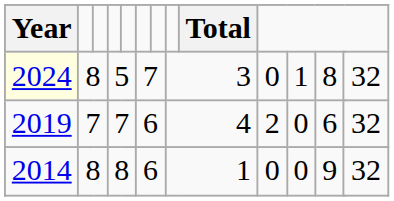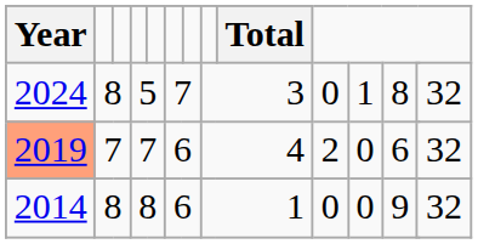 <table class="wikitable" style="text-align:right; padding-left:1em">
 <tr>
 <th align="left">Year</th>
 <td></td>
 <td></td>
 <td></td>
 <td></td>
 <td></td>
 <td></td>
 <td></td>
 <th align="left">Total</th>
 </tr>
 <tr>
-<td style="background: lightyellow;"><a href='#'>2024</a></td>
+<td><a href='#'>2024</a></td>
 <td colspan=2>8</td>
 <td colspan=2>5</td>
 <td colspan=2>7</td>
 <td colspan=2>3</td>
 <td colspan=2>0</td>
 <td colspan=2>1</td>
 <td colspan=2>8</td>
 <td>32</td>
 </tr>
 <tr>
-<td><a href='#'>2019</a></td>
+<td style="background: lightsalmon;"><a href='#'>2019</a></td>
 <td colspan=2>7</td>
 <td colspan=2>7</td>
 <td colspan=2>6</td>
 <td colspan=2>4</td>
 <td colspan=2>2</td>
 <td colspan=2>0</td>
 <td colspan=2>6</td>
 <td>32</td>
 </tr>
 <tr>
 <td><a href='#'>2014</a></td>
 <td colspan=2>8</td>
 <td colspan=2>8</td>
 <td colspan=2>6</td>
 <td colspan=2>1</td>
 <td colspan=2>0</td>
 <td colspan=2>0</td>
 <td colspan=2>9</td>
 <td>32</td>
 </tr>
 </table>
